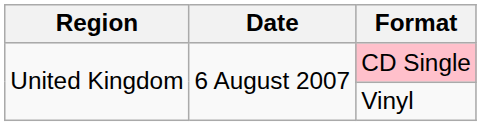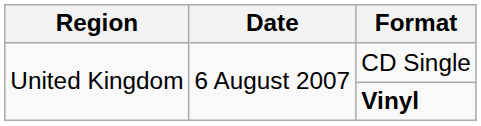 <table class=wikitable>
 <tr>
 <th>Region</th>
 <th>Date</th>
 <th>Format</th>
 </tr>
 <tr>
 <td align="center" rowspan="2">United Kingdom</td>
 <td align="center" rowspan="2">6 August 2007</td>
-<td style="background: pink;">CD Single</td>
+<td>CD Single</td>
 </tr>
 <tr>
-<td>Vinyl</td>
+<td><strong>Vinyl</strong></td>
 </tr>
 </table>
